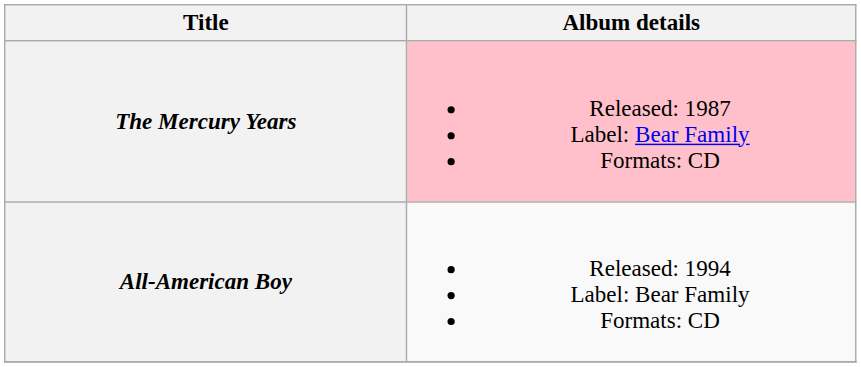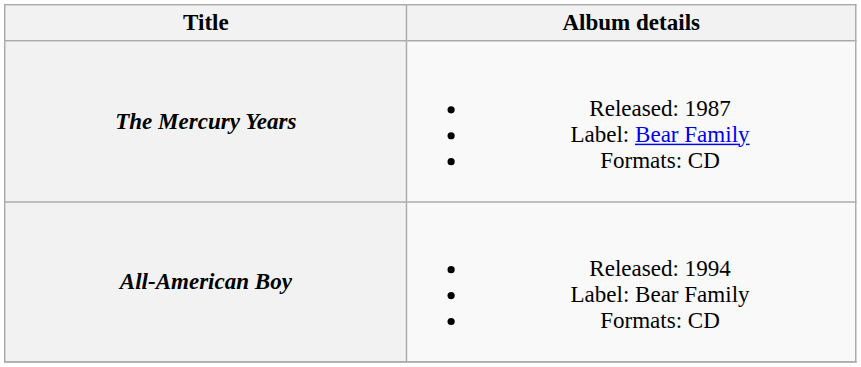 <table class="wikitable plainrowheaders" style="text-align:center;">
 <tr>
 <th scope="col" style="width:17em;">Title</th>
 <th scope="col" style="width:19em;">Album details</th>
 </tr>
 <tr>
 <th scope="row"><em>The Mercury Years</em></th>
-<td style="background: pink;"><br><ul><li>Released: 1987</li><li>Label: <a href='#'>Bear Family</a></li><li>Formats: CD</li></ul></td>
+<td><br><ul><li>Released: 1987</li><li>Label: <a href='#'>Bear Family</a></li><li>Formats: CD</li></ul></td>
 </tr>
 <tr>
 <th scope="row"><em>All-American Boy</em></th>
 <td><br><ul><li>Released: 1994</li><li>Label: Bear Family</li><li>Formats: CD</li></ul></td>
 </tr>
 <tr>
 </tr>
 </table>
